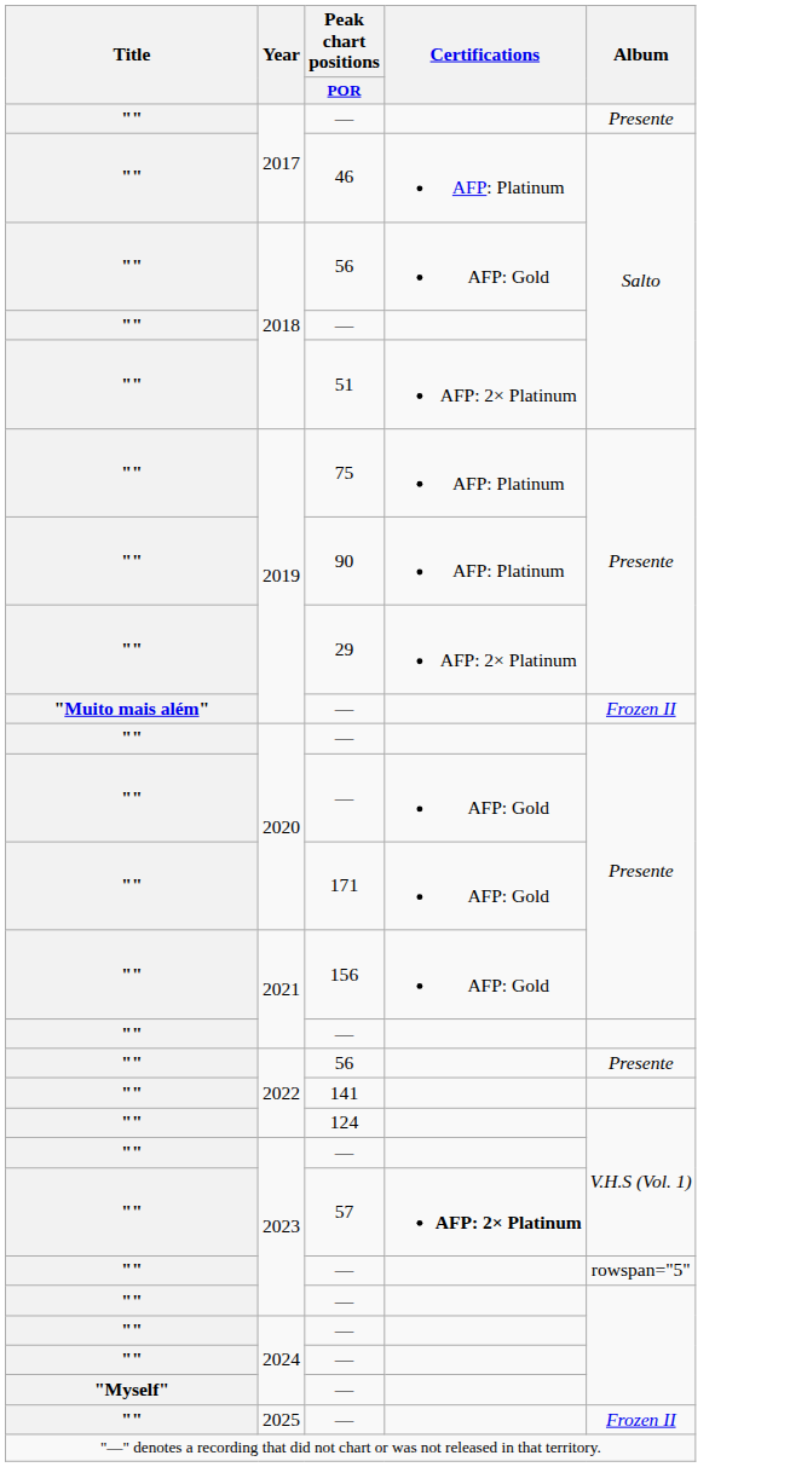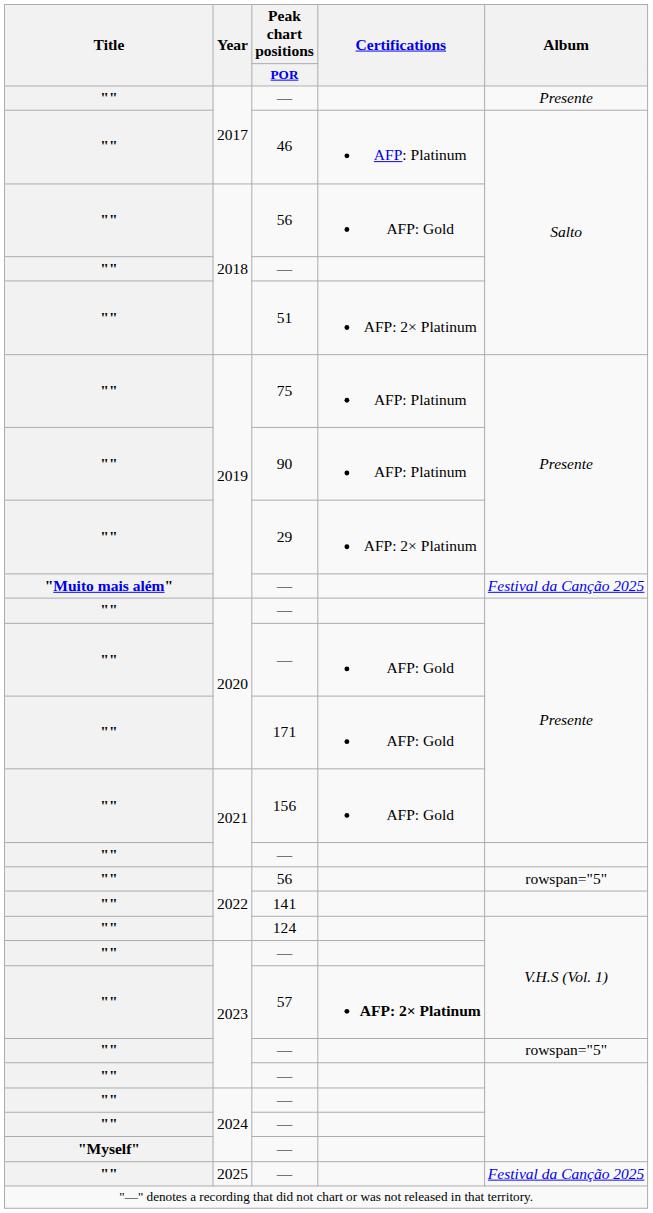 <table class="wikitable plainrowheaders" style="text-align:center;" border="1">
 <tr>
 <th scope="col" rowspan="2" style="width:13em;">Title</th>
 <th scope="col" rowspan="2">Year</th>
 <th scope="col">Peak chart positions</th>
 <th scope="col" rowspan="2"><a href='#'>Certifications</a></th>
 <th scope="col" rowspan="2">Album</th>
 </tr>
 <tr>
 <th scope="col" style="width:3em;font-size:85%;"><a href='#'>POR</a><br></th>
 </tr>
 <tr>
 <th scope="row">""</th>
 <td rowspan="2">2017</td>
 <td>—</td>
 <td></td>
 <td><em>Presente</em></td>
 </tr>
 <tr>
 <th scope="row">""</th>
 <td>46</td>
 <td><br><ul><li><a href='#'>AFP</a>: Platinum</li></ul></td>
 <td rowspan="4"><em>Salto</em></td>
 </tr>
 <tr>
 <th scope="row">""</th>
 <td rowspan="3">2018</td>
 <td>56</td>
 <td><br><ul><li>AFP: Gold</li></ul></td>
 </tr>
 <tr>
 <th scope="row">""</th>
 <td>—</td>
 <td></td>
 </tr>
 <tr>
 <th scope="row">""</th>
 <td>51</td>
 <td><br><ul><li>AFP: 2× Platinum</li></ul></td>
 </tr>
 <tr>
 <th scope="row">""</th>
 <td rowspan="4">2019</td>
 <td>75</td>
 <td><br><ul><li>AFP: Platinum</li></ul></td>
 <td rowspan="3"><em>Presente</em></td>
 </tr>
 <tr>
 <th scope="row">""</th>
 <td>90</td>
 <td><br><ul><li>AFP: Platinum</li></ul></td>
 </tr>
 <tr>
 <th scope="row">""<br></th>
 <td>29</td>
 <td><br><ul><li>AFP: 2× Platinum</li></ul></td>
 </tr>
 <tr>
 <th scope="row">"<a href='#'>Muito mais além</a>"</th>
 <td>—</td>
 <td></td>
-<td><em><a href='#'>Frozen II</a></em></td>
+<td><em><a href='#'>Festival da Canção 2025</a></em></td>
 </tr>
 <tr>
 <th scope="row">""</th>
 <td rowspan="3">2020</td>
 <td>—</td>
 <td></td>
 <td rowspan="4"><em>Presente</em></td>
 </tr>
 <tr>
 <th scope="row">""</th>
 <td>—</td>
 <td><br><ul><li>AFP: Gold</li></ul></td>
 </tr>
 <tr>
 <th scope="row">""<br></th>
 <td>171</td>
 <td><br><ul><li>AFP: Gold</li></ul></td>
 </tr>
 <tr>
 <th scope="row">""</th>
 <td rowspan="2">2021</td>
 <td>156</td>
 <td><br><ul><li>AFP: Gold</li></ul></td>
 </tr>
 <tr>
 <th scope="row">""<br></th>
 <td>—</td>
 <td></td>
 <td></td>
 </tr>
 <tr>
 <th scope="row">""<br></th>
 <td rowspan="3">2022</td>
 <td>56</td>
 <td></td>
-<td><em>Presente</em></td>
+<td>rowspan="5" </td>
 </tr>
 <tr>
 <th scope="row">""<br></th>
 <td>141</td>
 <td></td>
 <td></td>
 </tr>
 <tr>
 <th scope="row">""</th>
 <td>124</td>
 <td></td>
 <td rowspan="3"><em>V.H.S (Vol. 1)</em></td>
 </tr>
 <tr>
 <th scope="row">""<br></th>
 <td rowspan="4">2023</td>
 <td>—</td>
 <td></td>
 </tr>
 <tr>
 <th scope="row">""</th>
 <td>57</td>
 <td><strong><br><ul><li>AFP: 2× Platinum</li></ul></strong></td>
 </tr>
 <tr>
 <th scope="row">""<br></th>
 <td>—</td>
 <td></td>
 <td>rowspan="5" </td>
 </tr>
 <tr>
 <th scope="row">""</th>
 <td>—</td>
 <td></td>
 </tr>
 <tr>
 <th scope="row">""</th>
 <td rowspan="3">2024</td>
 <td>—</td>
 <td></td>
 </tr>
 <tr>
 <th scope="row">""<br></th>
 <td>—</td>
 <td></td>
 </tr>
 <tr>
 <th scope="row">"Myself"<br></th>
 <td>—</td>
 <td></td>
 </tr>
 <tr>
 <th scope="row">""</th>
 <td>2025</td>
 <td>—</td>
 <td></td>
-<td><em><a href='#'>Frozen II</a></em></td>
+<td><em><a href='#'>Festival da Canção 2025</a></em></td>
 </tr>
 <tr>
 <td colspan="5" style="font-size:85%">"—" denotes a recording that did not chart or was not released in that territory.</td>
 </tr>
 </table>
